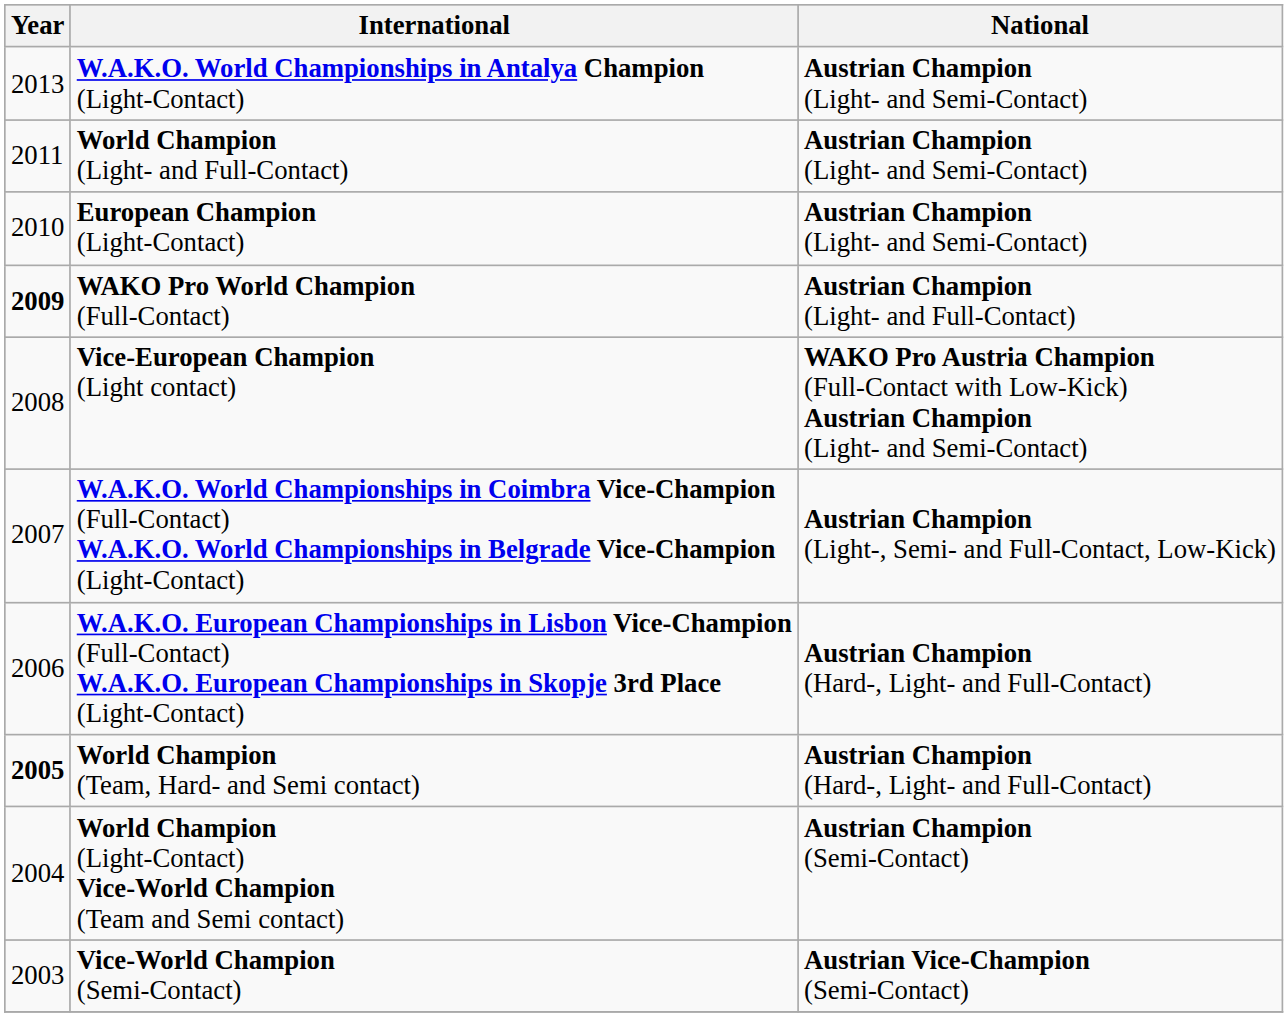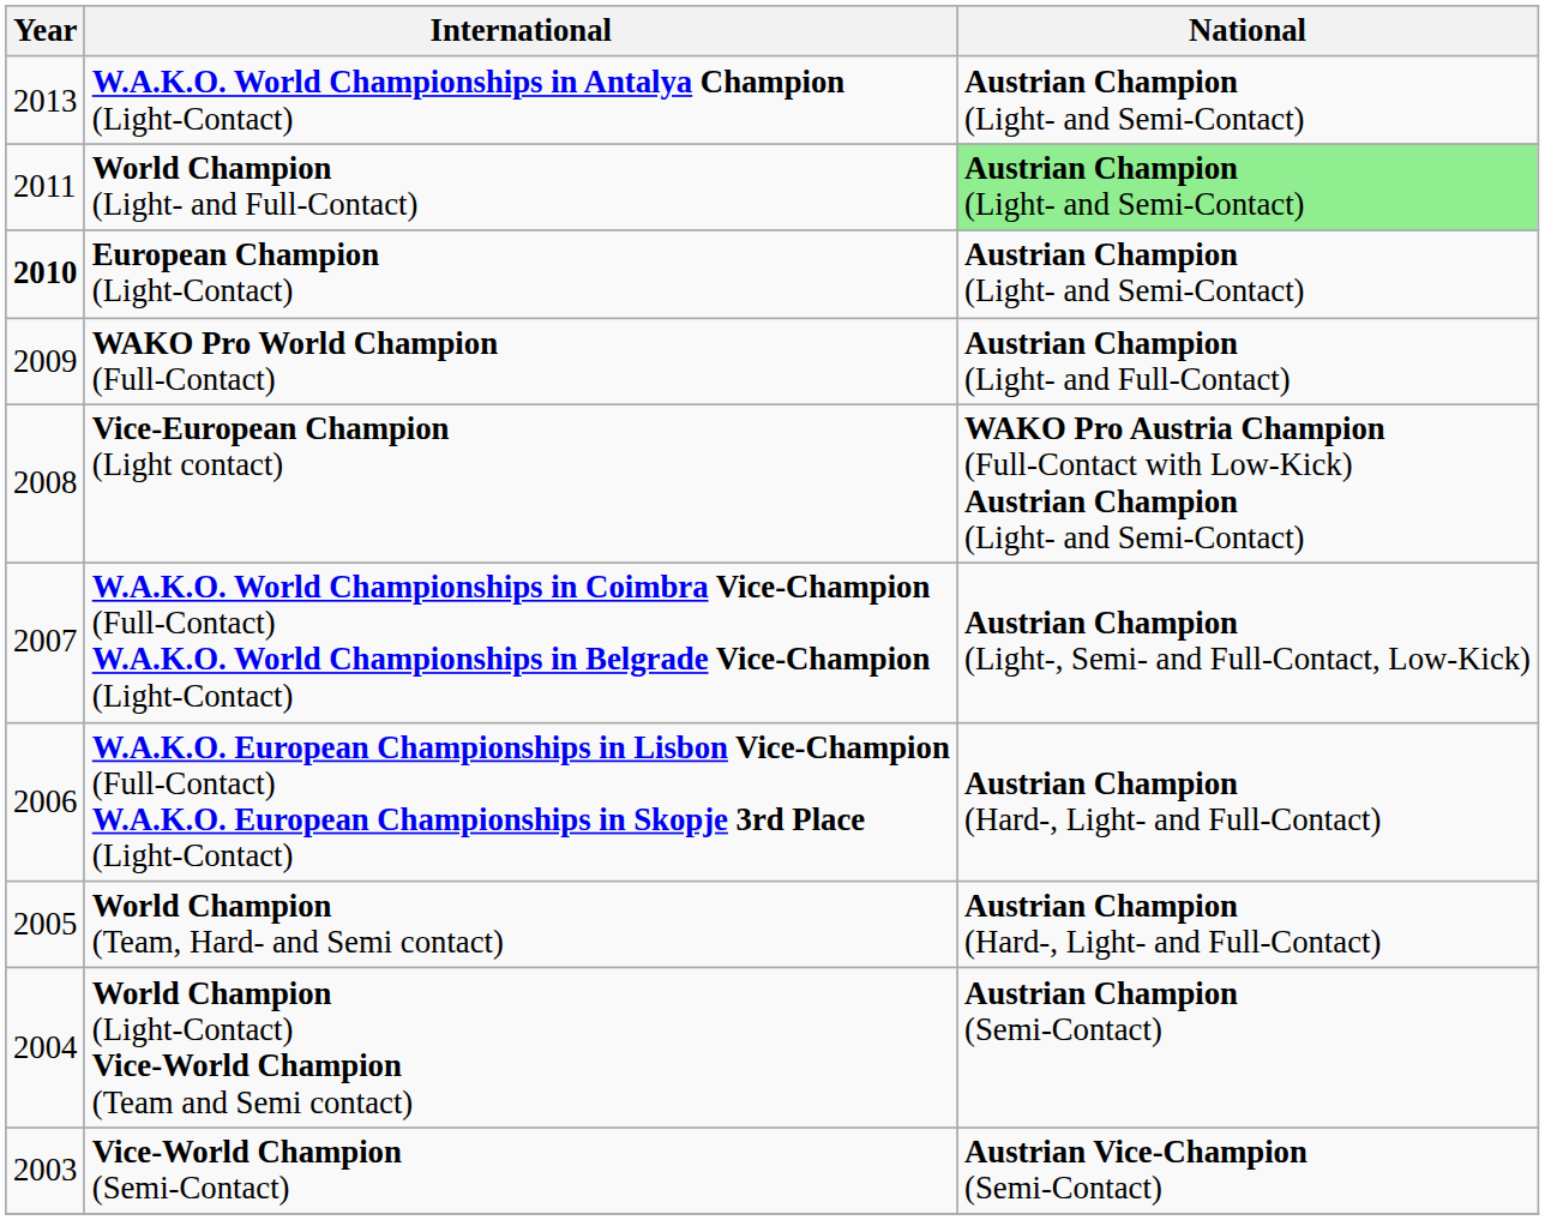 <table class="wikitable" style="font-size: 100%;">
 <tr>
 <th>Year</th>
 <th>International</th>
 <th>National</th>
 </tr>
 <tr>
 <td rowspan="1">2013</td>
 <td><strong><a href='#'>W.A.K.O. World Championships in Antalya</a> Champion</strong><br>(Light-Contact)</td>
 <td><strong>Austrian Champion</strong><br>(Light- and Semi-Contact)</td>
 </tr>
 <tr>
 <td rowspan="1">2011</td>
 <td><strong>World Champion</strong><br>(Light- and Full-Contact)</td>
-<td><strong>Austrian Champion</strong><br>(Light- and Semi-Contact)</td>
+<td style="background: lightgreen;"><strong>Austrian Champion</strong><br>(Light- and Semi-Contact)</td>
 </tr>
 <tr>
-<td rowspan="1">2010</td>
+<td rowspan="1"><strong>2010</strong></td>
 <td><strong>European Champion</strong><br>(Light-Contact)</td>
 <td><strong>Austrian Champion</strong><br>(Light- and Semi-Contact)</td>
 </tr>
 <tr>
-<td rowspan="1"><strong>2009</strong></td>
+<td rowspan="1">2009</td>
 <td><strong>WAKO Pro World Champion</strong><br>(Full-Contact)</td>
 <td><strong>Austrian Champion</strong><br>(Light- and Full-Contact)</td>
 </tr>
 <tr>
 <td rowspan="1">2008</td>
 <td><strong>Vice-European Champion</strong><br>(Light contact)<br> <br> </td>
 <td><strong>WAKO Pro Austria Champion</strong><br>(Full-Contact with Low-Kick)<br><strong>Austrian Champion</strong><br>(Light- and Semi-Contact)</td>
 </tr>
 <tr>
 <td rowspan="1">2007</td>
 <td><strong><a href='#'>W.A.K.O. World Championships in Coimbra</a> Vice-Champion</strong><br>(Full-Contact)<br><strong><a href='#'>W.A.K.O. World Championships in Belgrade</a> Vice-Champion</strong><br>(Light-Contact)</td>
 <td><strong>Austrian Champion</strong><br>(Light-, Semi- and Full-Contact, Low-Kick)</td>
 </tr>
 <tr>
 <td rowspan="1">2006</td>
 <td><strong><a href='#'>W.A.K.O. European Championships in Lisbon</a> Vice-Champion</strong><br>(Full-Contact)<br><strong><a href='#'>W.A.K.O. European Championships in Skopje</a> 3rd Place</strong><br>(Light-Contact)</td>
 <td><strong>Austrian Champion</strong><br>(Hard-, Light- and Full-Contact)</td>
 </tr>
 <tr>
-<td rowspan="1"><strong>2005</strong></td>
+<td rowspan="1">2005</td>
 <td><strong>World Champion</strong><br>(Team,  Hard- and Semi contact)</td>
 <td><strong>Austrian Champion</strong><br>(Hard-, Light- and Full-Contact)</td>
 </tr>
 <tr>
 <td rowspan="1">2004</td>
 <td><strong>World Champion</strong><br>(Light-Contact)<br><strong>Vice-World Champion</strong><br>(Team and Semi contact)</td>
 <td><strong>Austrian Champion</strong><br>(Semi-Contact)<br> <br> </td>
 </tr>
 <tr>
 <td rowspan="1">2003</td>
 <td><strong>Vice-World Champion</strong><br>(Semi-Contact)</td>
 <td><strong>Austrian Vice-Champion</strong><br>(Semi-Contact)</td>
 </tr>
 <tr>
 </tr>
 </table>
